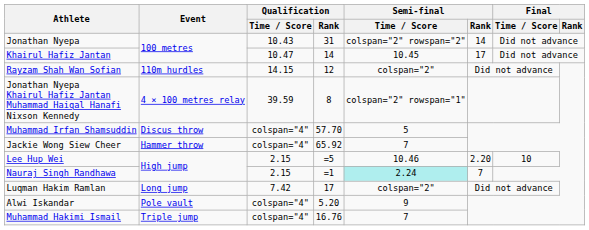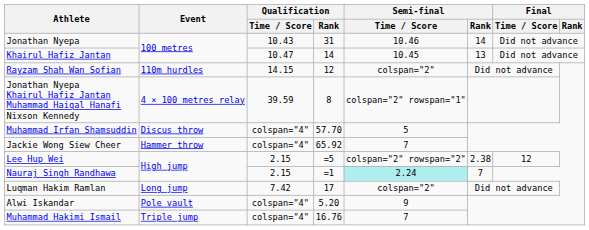 <table class="wikitable" style="font-size:90%;text-align:center">
 <tr>
 <th rowspan="2">Athlete</th>
 <th rowspan="2">Event</th>
 <th colspan="2">Qualification</th>
 <th colspan="2">Semi-final</th>
 <th colspan="2">Final</th>
 </tr>
 <tr>
 <th>Time / Score</th>
 <th>Rank</th>
 <th>Time / Score</th>
 <th>Rank</th>
 <th>Time / Score</th>
 <th>Rank</th>
 </tr>
 <tr>
 <td align="left">Jonathan Nyepa</td>
 <td align="left" rowspan="2"><a href='#'>100 metres</a></td>
 <td>10.43</td>
 <td>31 <strong></strong></td>
-<td>colspan="2" rowspan="2" </td>
+<td>10.46</td>
 <td>14</td>
 <td colspan="2">Did not advance</td>
 </tr>
 <tr>
 <td align="left"><a href='#'>Khairul Hafiz Jantan</a></td>
 <td>10.47</td>
 <td>14 <strong></strong></td>
 <td>10.45</td>
-<td>17</td>
+<td>13</td>
 <td colspan="2">Did not advance</td>
 </tr>
 <tr>
 <td align="left"><a href='#'>Rayzam Shah Wan Sofian</a></td>
 <td align="left"><a href='#'>110m hurdles</a></td>
 <td>14.15</td>
 <td>12</td>
 <td>colspan="2" </td>
 <td colspan="2">Did not advance</td>
 </tr>
 <tr>
 <td align="left">Jonathan Nyepa<br><a href='#'>Khairul Hafiz Jantan</a><br><a href='#'>Muhammad Haiqal Hanafi</a><br>Nixson Kennedy</td>
 <td align="left"><a href='#'>4 × 100 metres relay</a></td>
 <td>39.59</td>
 <td>8 <strong></strong></td>
 <td>colspan="2" rowspan="1" </td>
 <td colspan="2" rowspan="1"><strong></strong></td>
 </tr>
 <tr>
 <td align="left"><a href='#'>Muhammad Irfan Shamsuddin</a></td>
 <td align="left"><a href='#'>Discus throw</a></td>
 <td>colspan="4" </td>
 <td>57.70</td>
 <td>5</td>
 </tr>
 <tr>
 <td align="left">Jackie Wong Siew Cheer</td>
 <td align="left"><a href='#'>Hammer throw</a></td>
 <td>colspan="4" </td>
 <td>65.92</td>
 <td>7</td>
 </tr>
 <tr>
 <td align="left"><a href='#'>Lee Hup Wei</a></td>
 <td align="left" rowspan="2"><a href='#'>High jump</a></td>
 <td>2.15</td>
 <td>=5 <strong></strong></td>
-<td>10.46</td>
-<td>2.20</td>
-<td>10</td>
+<td>colspan="2" rowspan="2" </td>
+<td>2.38</td>
+<td>12</td>
 </tr>
 <tr>
 <td align="left"><a href='#'>Nauraj Singh Randhawa</a></td>
 <td>2.15</td>
 <td>=1 <strong></strong></td>
 <td style="background: paleturquoise;">2.24</td>
 <td>7</td>
 </tr>
 <tr>
 <td align="left">Luqman Hakim Ramlan</td>
 <td align="left"><a href='#'>Long jump</a></td>
 <td>7.42</td>
 <td>17</td>
 <td>colspan="2" </td>
 <td colspan="2">Did not advance</td>
 </tr>
 <tr>
 <td align="left">Alwi Iskandar</td>
 <td align="left"><a href='#'>Pole vault</a></td>
 <td>colspan="4" </td>
 <td>5.20</td>
 <td>9</td>
 </tr>
 <tr>
 <td align="left"><a href='#'>Muhammad Hakimi Ismail</a></td>
 <td align="left"><a href='#'>Triple jump</a></td>
 <td>colspan="4" </td>
 <td>16.76</td>
 <td>7</td>
 </tr>
 </table>
